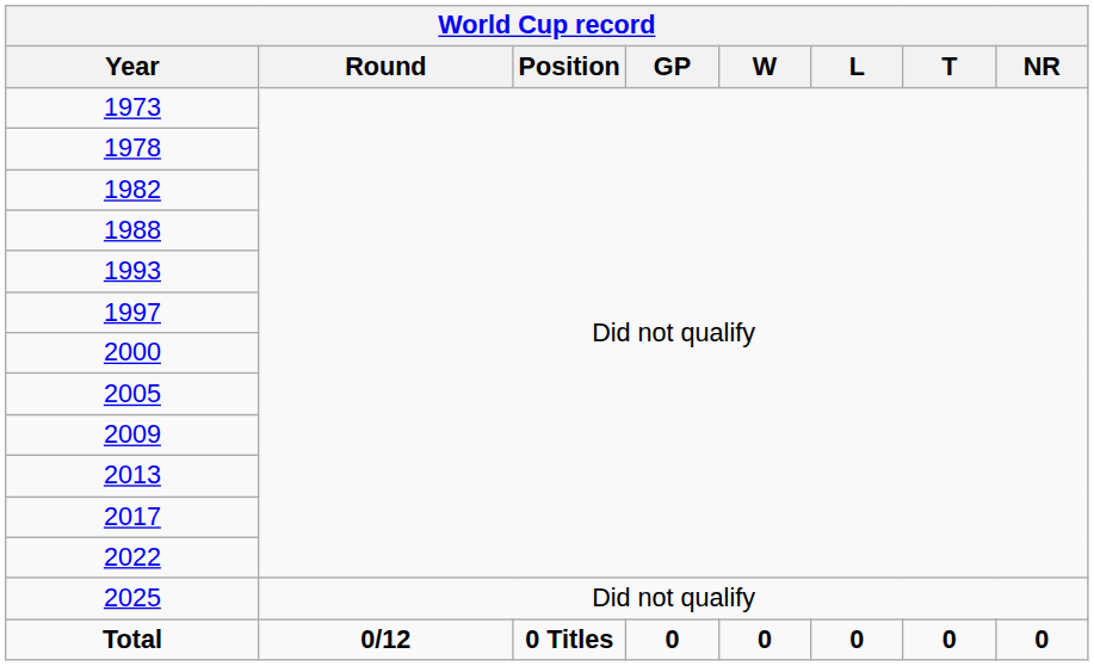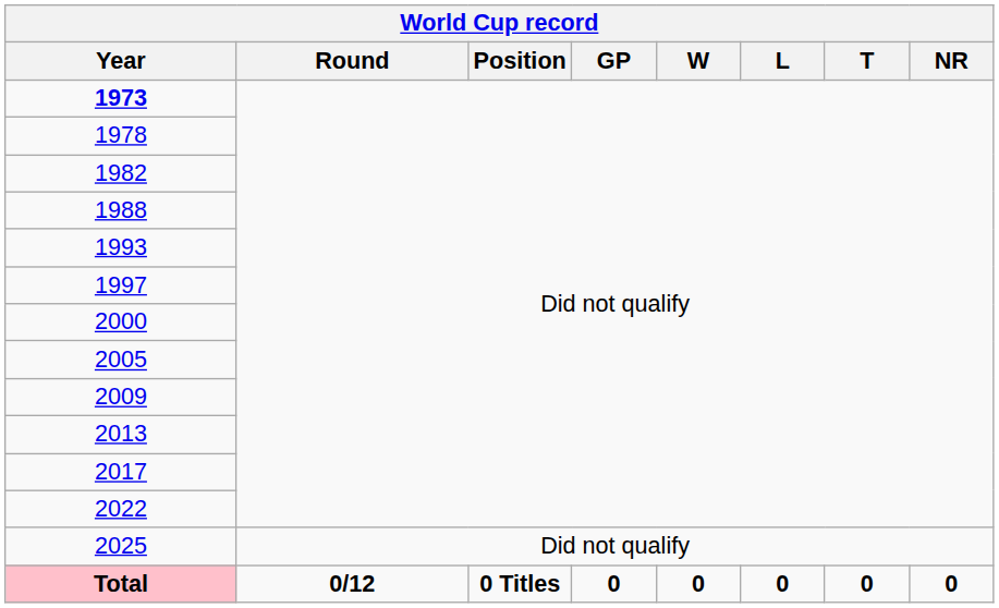 <table class="wikitable" style="text-align: center;">
 <tr>
 <th colspan=8><a href='#'>World Cup record</a></th>
 </tr>
 <tr>
 <th width=150>Year</th>
 <th width=150>Round</th>
 <th width=50>Position</th>
 <th width=50>GP</th>
 <th width=50>W</th>
 <th width=50>L</th>
 <th width=50>T</th>
 <th width=50>NR</th>
 </tr>
 <tr>
-<td> <a href='#'>1973</a></td>
+<td><strong> <a href='#'>1973</a></strong></td>
 <td colspan=7  rowspan=12>Did not qualify</td>
 </tr>
 <tr>
 <td> <a href='#'>1978</a></td>
 </tr>
 <tr>
 <td> <a href='#'>1982</a></td>
 </tr>
 <tr>
 <td> <a href='#'>1988</a></td>
 </tr>
 <tr>
 <td> <a href='#'>1993</a></td>
 </tr>
 <tr>
 <td> <a href='#'>1997</a></td>
 </tr>
 <tr>
 <td> <a href='#'>2000</a></td>
 </tr>
 <tr>
 <td> <a href='#'>2005</a></td>
 </tr>
 <tr>
 <td> <a href='#'>2009</a></td>
 </tr>
 <tr>
 <td> <a href='#'>2013</a></td>
 </tr>
 <tr>
 <td> <a href='#'>2017</a></td>
 </tr>
 <tr>
 <td> <a href='#'>2022</a></td>
 </tr>
 <tr>
 <td> <a href='#'>2025</a></td>
 <td colspan=8>Did not qualify</td>
 </tr>
 <tr>
-<td><strong>Total</strong></td>
+<td style="background: pink;"><strong>Total</strong></td>
 <td><strong>0/12</strong></td>
 <td><strong>0 Titles</strong></td>
 <td><strong>0</strong></td>
 <td><strong>0</strong></td>
 <td><strong>0</strong></td>
 <td><strong>0</strong></td>
 <td><strong>0</strong></td>
 </tr>
 </table>
